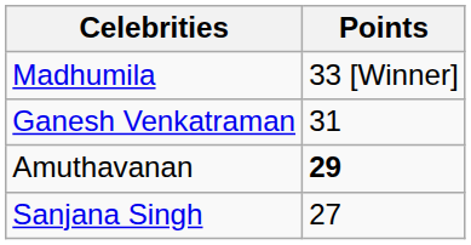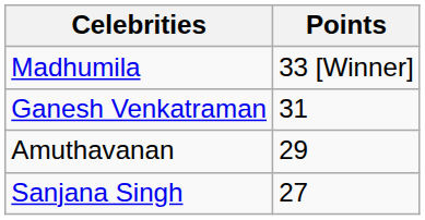 <table class="wikitable">
 <tr>
 <th>Celebrities</th>
 <th>Points</th>
 </tr>
 <tr>
 <td><a href='#'>Madhumila</a></td>
 <td>33 [Winner]</td>
 </tr>
 <tr>
 <td><a href='#'>Ganesh Venkatraman</a></td>
 <td>31</td>
 </tr>
 <tr>
 <td>Amuthavanan</td>
-<td><strong>29</strong></td>
+<td>29</td>
 </tr>
 <tr>
 <td><a href='#'>Sanjana Singh</a></td>
 <td>27</td>
 </tr>
 </table>
